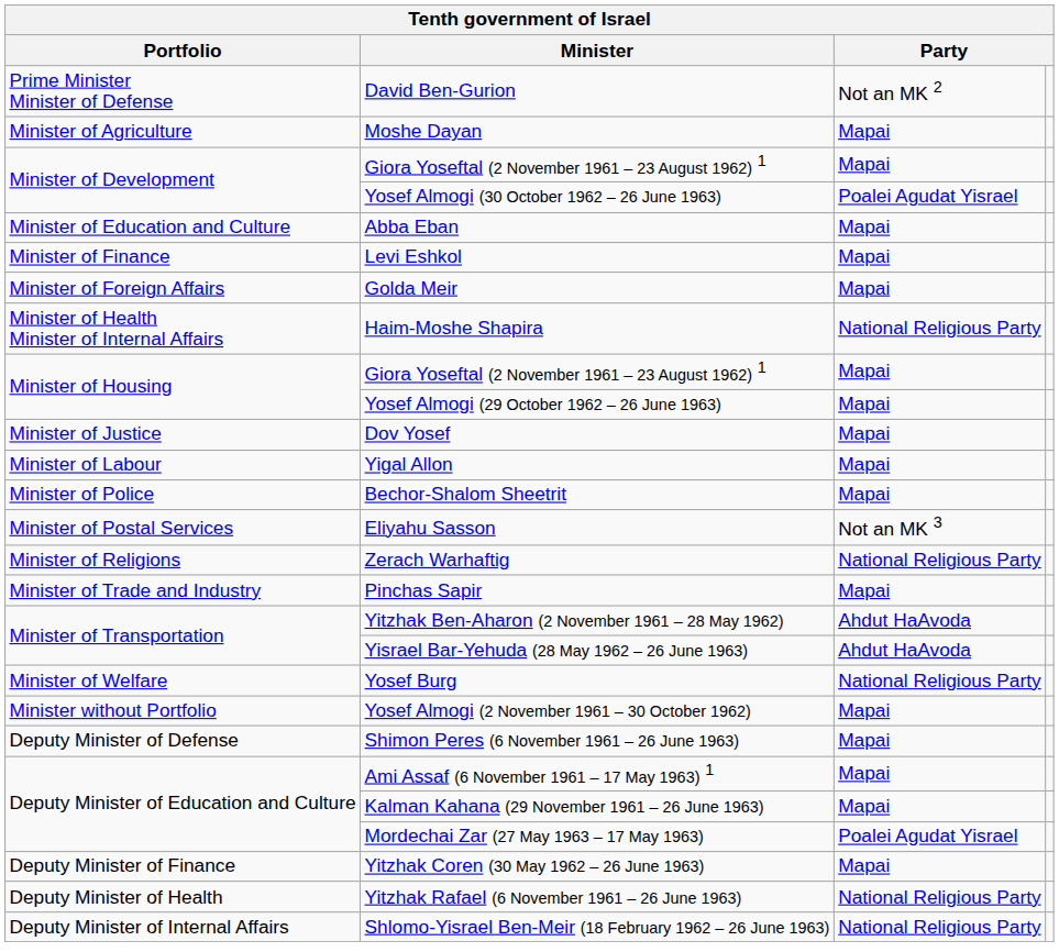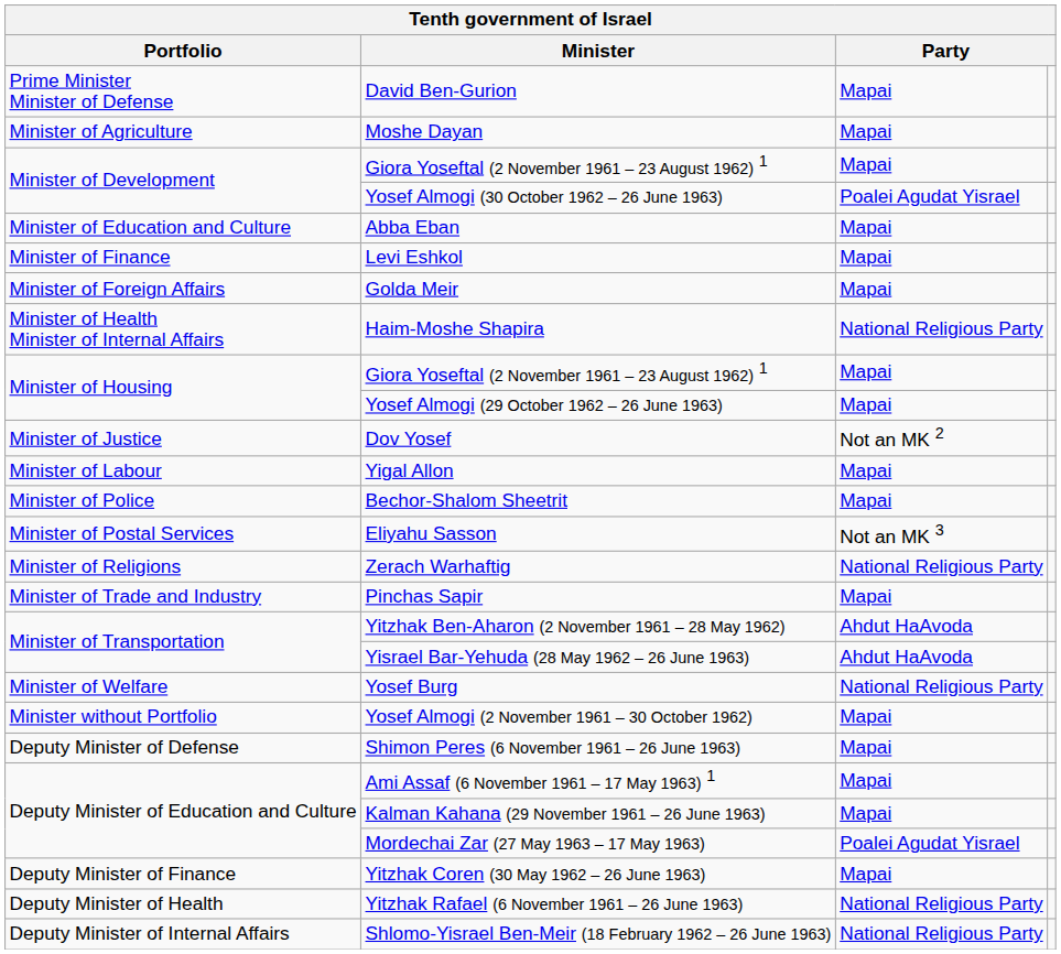 <table class="wikitable sortable" style="text-align:left">
 <tr>
 <th colspan="4">Tenth government of Israel</th>
 </tr>
 <tr>
 <th>Portfolio</th>
 <th>Minister</th>
 <th colspan="2">Party</th>
 </tr>
 <tr>
 <td><a href='#'>Prime Minister</a><br><a href='#'>Minister of Defense</a></td>
 <td><a href='#'>David Ben-Gurion</a></td>
-<td>Not an MK <sup>2</sup></td>
+<td><a href='#'>Mapai</a></td>
 <td style="background:"></td>
 </tr>
 <tr>
 <td><a href='#'>Minister of Agriculture</a></td>
 <td><a href='#'>Moshe Dayan</a></td>
 <td><a href='#'>Mapai</a></td>
 <td style="background:"></td>
 </tr>
 <tr>
 <td rowspan=2><a href='#'>Minister of Development</a></td>
 <td><a href='#'>Giora Yoseftal</a> <small>(2 November 1961 – 23 August 1962)</small> <sup>1</sup></td>
 <td><a href='#'>Mapai</a></td>
 <td style="background:"></td>
 </tr>
 <tr>
 <td><a href='#'>Yosef Almogi</a> <small>(30 October 1962 – 26 June 1963)</small></td>
 <td><a href='#'>Poalei Agudat Yisrael</a></td>
 <td style="background:"></td>
 </tr>
 <tr>
 <td><a href='#'>Minister of Education and Culture</a></td>
 <td><a href='#'>Abba Eban</a></td>
 <td><a href='#'>Mapai</a></td>
 <td style="background:"></td>
 </tr>
 <tr>
 <td><a href='#'>Minister of Finance</a></td>
 <td><a href='#'>Levi Eshkol</a></td>
 <td><a href='#'>Mapai</a></td>
 <td style="background:"></td>
 </tr>
 <tr>
 <td><a href='#'>Minister of Foreign Affairs</a></td>
 <td><a href='#'>Golda Meir</a></td>
 <td><a href='#'>Mapai</a></td>
 <td style="background:"></td>
 </tr>
 <tr>
 <td><a href='#'>Minister of Health</a><br><a href='#'>Minister of Internal Affairs</a></td>
 <td><a href='#'>Haim-Moshe Shapira</a></td>
 <td><a href='#'>National Religious Party</a></td>
 <td style="background:"></td>
 </tr>
 <tr>
 <td rowspan=2><a href='#'>Minister of Housing</a></td>
 <td><a href='#'>Giora Yoseftal</a> <small>(2 November 1961 – 23 August 1962)</small> <sup>1</sup></td>
 <td><a href='#'>Mapai</a></td>
 <td style="background:"></td>
 </tr>
 <tr>
 <td><a href='#'>Yosef Almogi</a> <small>(29 October 1962 – 26 June 1963)</small></td>
 <td><a href='#'>Mapai</a></td>
 <td style="background:"></td>
 </tr>
 <tr>
 <td><a href='#'>Minister of Justice</a></td>
 <td><a href='#'>Dov Yosef</a></td>
-<td><a href='#'>Mapai</a></td>
+<td>Not an MK <sup>2</sup></td>
 <td style="background:"></td>
 </tr>
 <tr>
 <td><a href='#'>Minister of Labour</a></td>
 <td><a href='#'>Yigal Allon</a></td>
 <td><a href='#'>Mapai</a></td>
 <td style="background:"></td>
 </tr>
 <tr>
 <td><a href='#'>Minister of Police</a></td>
 <td><a href='#'>Bechor-Shalom Sheetrit</a></td>
 <td><a href='#'>Mapai</a></td>
 <td style="background:"></td>
 </tr>
 <tr>
 <td><a href='#'>Minister of Postal Services</a></td>
 <td><a href='#'>Eliyahu Sasson</a></td>
 <td>Not an MK <sup>3</sup></td>
 <td style="background:"></td>
 </tr>
 <tr>
 <td><a href='#'>Minister of Religions</a></td>
 <td><a href='#'>Zerach Warhaftig</a></td>
 <td><a href='#'>National Religious Party</a></td>
 <td style="background:"></td>
 </tr>
 <tr>
 <td><a href='#'>Minister of Trade and Industry</a></td>
 <td><a href='#'>Pinchas Sapir</a></td>
 <td><a href='#'>Mapai</a></td>
 <td style="background:"></td>
 </tr>
 <tr>
 <td rowspan=2><a href='#'>Minister of Transportation</a></td>
 <td><a href='#'>Yitzhak Ben-Aharon</a> <small>(2 November 1961 – 28 May 1962)</small></td>
 <td><a href='#'>Ahdut HaAvoda</a></td>
 <td style="background:"></td>
 </tr>
 <tr>
 <td><a href='#'>Yisrael Bar-Yehuda</a> <small>(28 May 1962 – 26 June 1963)</small></td>
 <td><a href='#'>Ahdut HaAvoda</a></td>
 <td style="background:"></td>
 </tr>
 <tr>
 <td><a href='#'>Minister of Welfare</a></td>
 <td><a href='#'>Yosef Burg</a></td>
 <td><a href='#'>National Religious Party</a></td>
 <td style="background:"></td>
 </tr>
 <tr>
 <td><a href='#'>Minister without Portfolio</a></td>
 <td><a href='#'>Yosef Almogi</a> <small>(2 November 1961 – 30 October 1962)</small></td>
 <td><a href='#'>Mapai</a></td>
 <td style="background:"></td>
 </tr>
 <tr>
 <td>Deputy Minister of Defense</td>
 <td><a href='#'>Shimon Peres</a> <small>(6 November 1961 – 26 June 1963)</small></td>
 <td><a href='#'>Mapai</a></td>
 <td style="background:"></td>
 </tr>
 <tr>
 <td rowspan="3">Deputy Minister of Education and Culture</td>
 <td><a href='#'>Ami Assaf</a> <small>(6 November 1961 – 17 May 1963)</small> <sup>1</sup></td>
 <td><a href='#'>Mapai</a></td>
 <td style="background:"></td>
 </tr>
 <tr>
 <td><a href='#'>Kalman Kahana</a> <small>(29 November 1961 – 26 June 1963)</small></td>
 <td><a href='#'>Mapai</a></td>
 <td style="background:"></td>
 </tr>
 <tr>
 <td><a href='#'>Mordechai Zar</a> <small>(27 May 1963 – 17 May 1963)</small></td>
 <td><a href='#'>Poalei Agudat Yisrael</a></td>
 <td style="background:"></td>
 </tr>
 <tr>
 <td>Deputy Minister of Finance</td>
 <td><a href='#'>Yitzhak Coren</a> <small>(30 May 1962 – 26 June 1963)</small></td>
 <td><a href='#'>Mapai</a></td>
 <td style="background:"></td>
 </tr>
 <tr>
 <td>Deputy Minister of Health</td>
 <td><a href='#'>Yitzhak Rafael</a> <small>(6 November 1961 – 26 June 1963)</small></td>
 <td><a href='#'>National Religious Party</a></td>
 <td style="background:"></td>
 </tr>
 <tr>
 <td>Deputy Minister of Internal Affairs</td>
 <td><a href='#'>Shlomo-Yisrael Ben-Meir</a> <small>(18 February 1962 – 26 June 1963)</small></td>
 <td><a href='#'>National Religious Party</a></td>
 <td style="background:"></td>
 </tr>
 </table>
